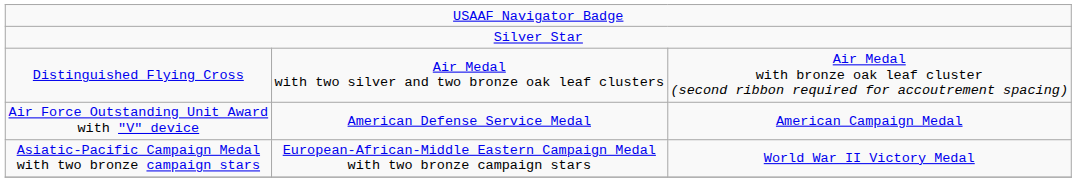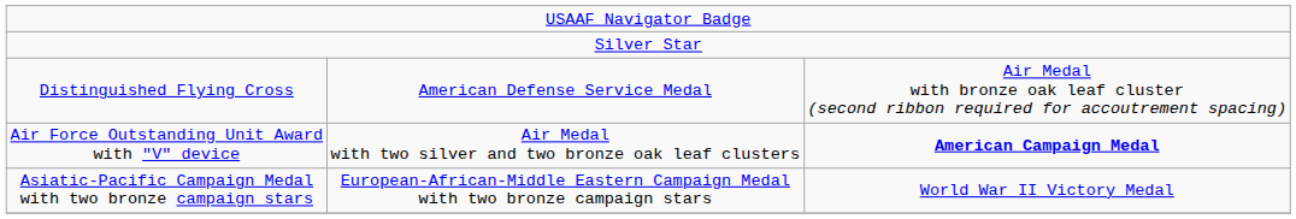 <table class="wikitable" style="margin:1em auto; text-align:center;">
 <tr>
 <td colspan="12"><a href='#'>USAAF Navigator Badge</a></td>
 </tr>
 <tr>
 <td colspan="12"><a href='#'>Silver Star</a></td>
 </tr>
 <tr>
 <td><a href='#'>Distinguished Flying Cross</a></td>
-<td><a href='#'>Air Medal</a> <br> with two silver and two bronze oak leaf clusters</td>
+<td><a href='#'>American Defense Service Medal</a></td>
 <td><a href='#'>Air Medal</a> <br> with bronze oak leaf cluster <br> <em>(second ribbon required for accoutrement spacing)</em></td>
 </tr>
 <tr>
 <td><a href='#'>Air Force Outstanding Unit Award</a> <br> with <a href='#'>"V" device</a></td>
-<td><a href='#'>American Defense Service Medal</a></td>
-<td><a href='#'>American Campaign Medal</a></td>
+<td><a href='#'>Air Medal</a> <br> with two silver and two bronze oak leaf clusters</td>
+<td><strong><a href='#'>American Campaign Medal</a></strong></td>
 </tr>
 <tr>
 <td><a href='#'>Asiatic-Pacific Campaign Medal</a> <br> with two bronze <a href='#'>campaign stars</a></td>
 <td><a href='#'>European-African-Middle Eastern Campaign Medal</a> <br> with two bronze campaign stars</td>
 <td><a href='#'>World War II Victory Medal</a></td>
 </tr>
 <tr>
 </tr>
 </table>
